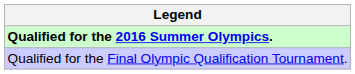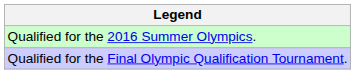 <table class="wikitable">
 <tr>
 <th>Legend</th>
 </tr>
 <tr bgcolor=ccffcc>
-<td><strong>Qualified for the <a href='#'>2016 Summer Olympics</a>.</strong></td>
+<td>Qualified for the <a href='#'>2016 Summer Olympics</a>.</td>
 </tr>
 <tr bgcolor=ccccff>
 <td>Qualified for the <a href='#'>Final Olympic Qualification Tournament</a>.</td>
 </tr>
 </table>
